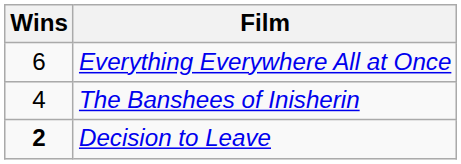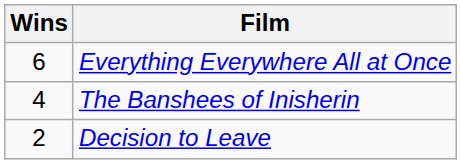 <table class="wikitable">
 <tr>
 <th>Wins</th>
 <th>Film</th>
 </tr>
 <tr>
 <td style="text-align:center;">6</td>
 <td><em><a href='#'>Everything Everywhere All at Once</a></em></td>
 </tr>
 <tr>
 <td style="text-align:center;">4</td>
 <td><em><a href='#'>The Banshees of Inisherin</a></em></td>
 </tr>
 <tr>
-<td style="text-align:center;"><strong>2</strong></td>
+<td style="text-align:center;">2</td>
 <td><em><a href='#'>Decision to Leave</a></em></td>
 </tr>
 </table>
